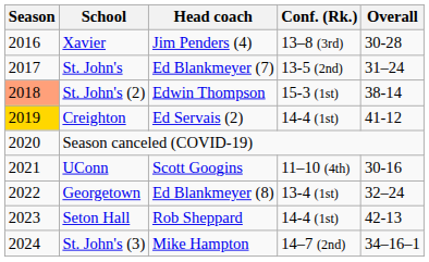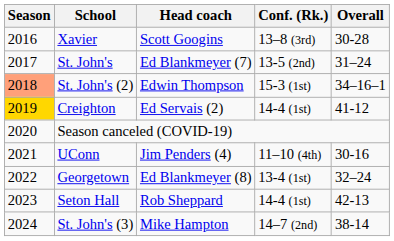 <table class="wikitable" border="1">
 <tr>
 <th>Season</th>
 <th>School</th>
 <th>Head coach</th>
 <th>Conf. (Rk.)</th>
 <th>Overall</th>
 </tr>
 <tr>
 <td>2016</td>
 <td><a href='#'>Xavier</a></td>
-<td><a href='#'>Jim Penders</a> (4)</td>
+<td><a href='#'>Scott Googins</a></td>
 <td>13–8 <small>(3rd)</small></td>
 <td>30-28</td>
 </tr>
 <tr>
 <td>2017</td>
 <td><a href='#'>St. John's</a></td>
 <td><a href='#'>Ed Blankmeyer</a> (7)</td>
 <td>13-5 <small>(2nd)</small></td>
 <td>31–24</td>
 </tr>
 <tr>
 <td style="background: lightsalmon;">2018</td>
 <td><a href='#'>St. John's</a> (2)</td>
 <td><a href='#'>Edwin Thompson</a></td>
 <td>15-3 <small>(1st)</small></td>
-<td>38-14</td>
+<td>34–16–1</td>
 </tr>
 <tr>
 <td style="background: gold;">2019</td>
 <td><a href='#'>Creighton</a></td>
 <td><a href='#'>Ed Servais</a> (2)</td>
 <td>14-4 <small>(1st)</small></td>
 <td>41-12</td>
 </tr>
 <tr>
 <td>2020</td>
 <td colspan=4>Season canceled (COVID-19)</td>
 </tr>
 <tr>
 <td>2021</td>
 <td><a href='#'>UConn</a></td>
-<td><a href='#'>Scott Googins</a></td>
+<td><a href='#'>Jim Penders</a> (4)</td>
 <td>11–10 <small>(4th)</small></td>
 <td>30-16</td>
 </tr>
 <tr>
 <td>2022</td>
 <td><a href='#'>Georgetown</a></td>
 <td><a href='#'>Ed Blankmeyer</a> (8)</td>
 <td>13-4 <small>(1st)</small></td>
 <td>32–24</td>
 </tr>
 <tr>
 <td>2023</td>
 <td><a href='#'>Seton Hall</a></td>
 <td><a href='#'>Rob Sheppard</a></td>
 <td>14-4 <small>(1st)</small></td>
 <td>42-13</td>
 </tr>
 <tr>
 <td>2024</td>
 <td><a href='#'>St. John's</a> (3)</td>
 <td><a href='#'>Mike Hampton</a></td>
 <td>14–7 <small>(2nd)</small></td>
-<td>34–16–1</td>
+<td>38-14</td>
 </tr>
 </table>
